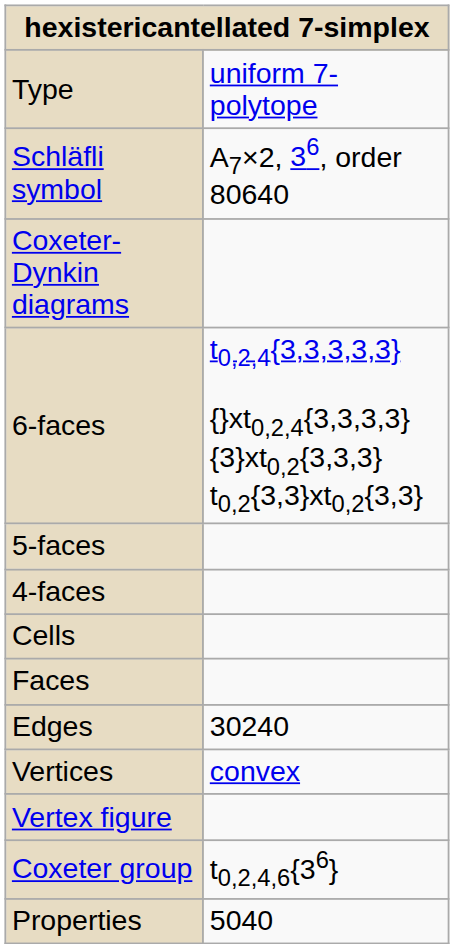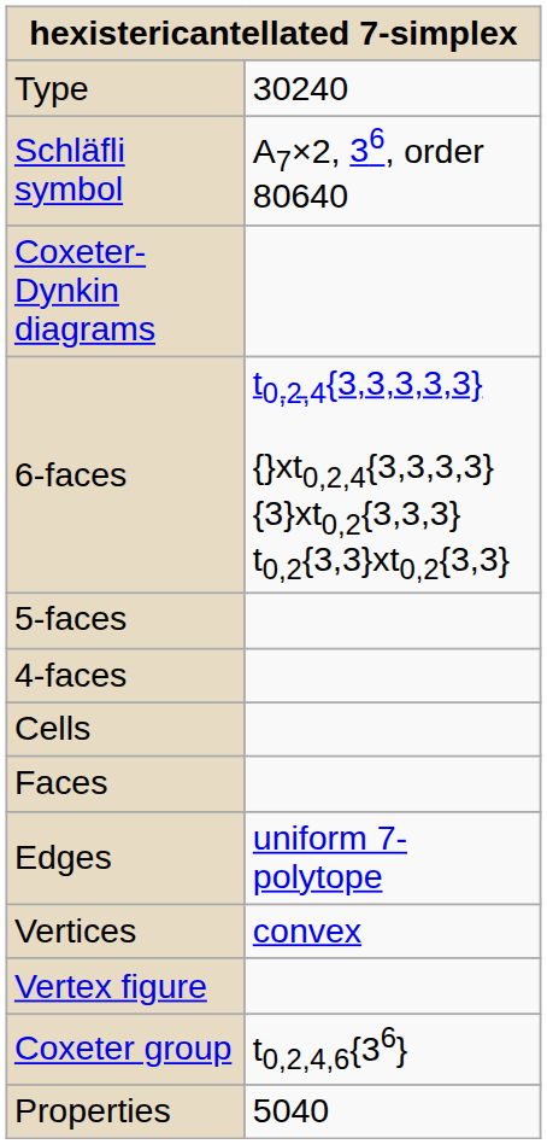 <table class="wikitable" style="float:right; margin-left:8px; width:250px">
 <tr>
 <th style="background:#e7dcc3;" colspan="2">hexistericantellated 7-simplex</th>
 </tr>
 <tr>
 <td style="background:#e7dcc3;">Type</td>
-<td><a href='#'>uniform 7-polytope</a></td>
+<td>30240</td>
 </tr>
 <tr>
 <td style="background:#e7dcc3;"><a href='#'>Schläfli symbol</a></td>
 <td>A<sub>7</sub>×2, <a href='#'>3<sup>6</sup></a>, order 80640</td>
 </tr>
 <tr>
 <td style="background:#e7dcc3;"><a href='#'>Coxeter-Dynkin diagrams</a></td>
 <td></td>
 </tr>
 <tr>
 <td style="background:#e7dcc3;">6-faces</td>
 <td><a href='#'>t<sub>0,2,4</sub>{3,3,3,3,3}</a><br><br>{}xt<sub>0,2,4</sub>{3,3,3,3}<br> {3}xt<sub>0,2</sub>{3,3,3}<br> t<sub>0,2</sub>{3,3}xt<sub>0,2</sub>{3,3}</td>
 </tr>
 <tr>
 <td style="background:#e7dcc3;">5-faces</td>
 <td></td>
 </tr>
 <tr>
 <td style="background:#e7dcc3;">4-faces</td>
 <td></td>
 </tr>
 <tr>
 <td style="background:#e7dcc3;">Cells</td>
 <td></td>
 </tr>
 <tr>
 <td style="background:#e7dcc3;">Faces</td>
 <td></td>
 </tr>
 <tr>
 <td style="background:#e7dcc3;">Edges</td>
-<td>30240</td>
+<td><a href='#'>uniform 7-polytope</a></td>
 </tr>
 <tr>
 <td style="background:#e7dcc3;">Vertices</td>
 <td><a href='#'>convex</a></td>
 </tr>
 <tr>
 <td style="background:#e7dcc3;"><a href='#'>Vertex figure</a></td>
 <td></td>
 </tr>
 <tr>
 <td style="background:#e7dcc3;"><a href='#'>Coxeter group</a></td>
 <td>t<sub>0,2,4,6</sub>{3<sup>6</sup>}</td>
 </tr>
 <tr>
 <td style="background:#e7dcc3;">Properties</td>
 <td>5040</td>
 </tr>
 </table>
